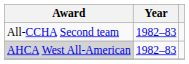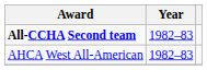 <table class="wikitable">
 <tr>
 <th>Award</th>
 <th>Year</th>
 <th></th>
 </tr>
 <tr>
-<td>All-<a href='#'>CCHA</a> <a href='#'>Second team</a></td>
+<td><strong>All-<a href='#'>CCHA</a> <a href='#'>Second team</a></strong></td>
 <td><a href='#'>1982–83</a></td>
 <td></td>
 </tr>
 <tr>
-<td style="background: lightgrey;"><a href='#'>AHCA</a> <a href='#'>West All-American</a></td>
+<td><a href='#'>AHCA</a> <a href='#'>West All-American</a></td>
 <td><a href='#'>1982–83</a></td>
 <td></td>
 </tr>
 <tr>
 </tr>
 </table>
